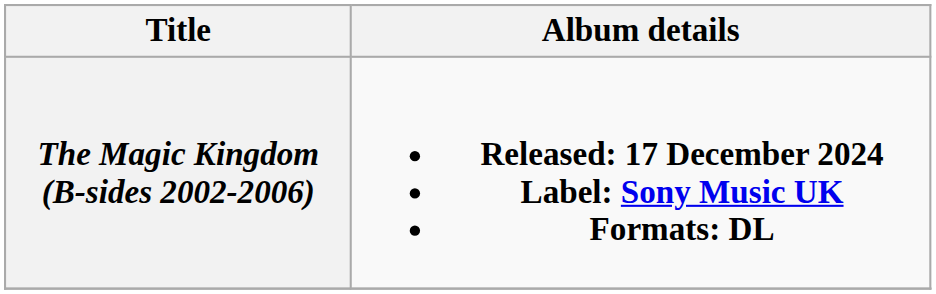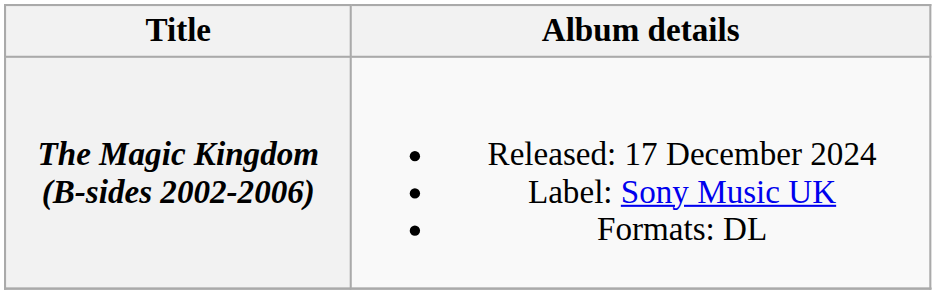 <table class="wikitable plainrowheaders" style="text-align:center;">
 <tr>
 <th scope="col" style="width:10em;" colwspan="2">Title</th>
 <th colspan="2" scope="col" style="width:17em;">Album details</th>
 </tr>
 <tr>
 <th scope="row"><em>The Magic Kingdom</em><br><em>(B-sides 2002-2006)</em></th>
-<td><strong><br><ul><li>Released: 17 December 2024</li><li>Label: <a href='#'>Sony Music UK</a></li><li>Formats: DL</li></ul></strong></td>
+<td><br><ul><li>Released: 17 December 2024</li><li>Label: <a href='#'>Sony Music UK</a></li><li>Formats: DL</li></ul></td>
 </tr>
 <tr>
 </tr>
 </table>
